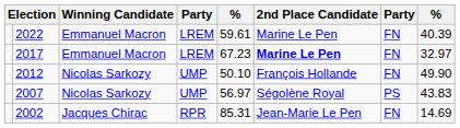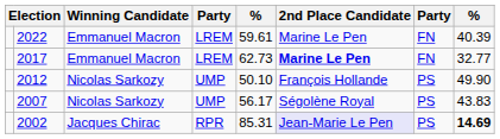 <table class="wikitable">
 <tr>
 <th colspan="2">Election</th>
 <th>Winning Candidate</th>
 <th>Party</th>
 <th>%</th>
 <th>2nd Place Candidate</th>
 <th>Party</th>
 <th>%</th>
 </tr>
 <tr>
 <td style="background-color: "></td>
 <td><a href='#'>2022</a></td>
 <td><a href='#'>Emmanuel Macron</a></td>
 <td><a href='#'>LREM</a></td>
 <td>59.61</td>
 <td><a href='#'>Marine Le Pen</a></td>
 <td><a href='#'>FN</a></td>
 <td>40.39</td>
 </tr>
 <tr>
 <td style="background-color: "></td>
 <td><a href='#'>2017</a></td>
 <td><a href='#'>Emmanuel Macron</a></td>
 <td><a href='#'>LREM</a></td>
-<td>67.23</td>
+<td>62.73</td>
 <td><strong><a href='#'>Marine Le Pen</a></strong></td>
 <td><a href='#'>FN</a></td>
-<td>32.97</td>
+<td>32.77</td>
 </tr>
 <tr>
 <td style="background-color: "></td>
 <td><a href='#'>2012</a></td>
 <td><a href='#'>Nicolas Sarkozy</a></td>
 <td><a href='#'>UMP</a></td>
 <td>50.10</td>
 <td><a href='#'>François Hollande</a></td>
-<td><a href='#'>FN</a></td>
+<td><a href='#'>PS</a></td>
 <td>49.90</td>
 </tr>
 <tr>
 <td style="background-color: "></td>
 <td><a href='#'>2007</a></td>
 <td><a href='#'>Nicolas Sarkozy</a></td>
 <td><a href='#'>UMP</a></td>
-<td>56.97</td>
+<td>56.17</td>
 <td><a href='#'>Ségolène Royal</a></td>
 <td><a href='#'>PS</a></td>
 <td>43.83</td>
 </tr>
 <tr>
 <td style="background-color: "></td>
 <td><a href='#'>2002</a></td>
 <td><a href='#'>Jacques Chirac</a></td>
 <td><a href='#'>RPR</a></td>
 <td>85.31</td>
-<td><a href='#'>Jean-Marie Le Pen</a></td>
-<td><a href='#'>FN</a></td>
-<td>14.69</td>
+<td style="background: lavender;"><a href='#'>Jean-Marie Le Pen</a></td>
+<td><a href='#'>PS</a></td>
+<td><strong>14.69</strong></td>
 </tr>
 </table>
